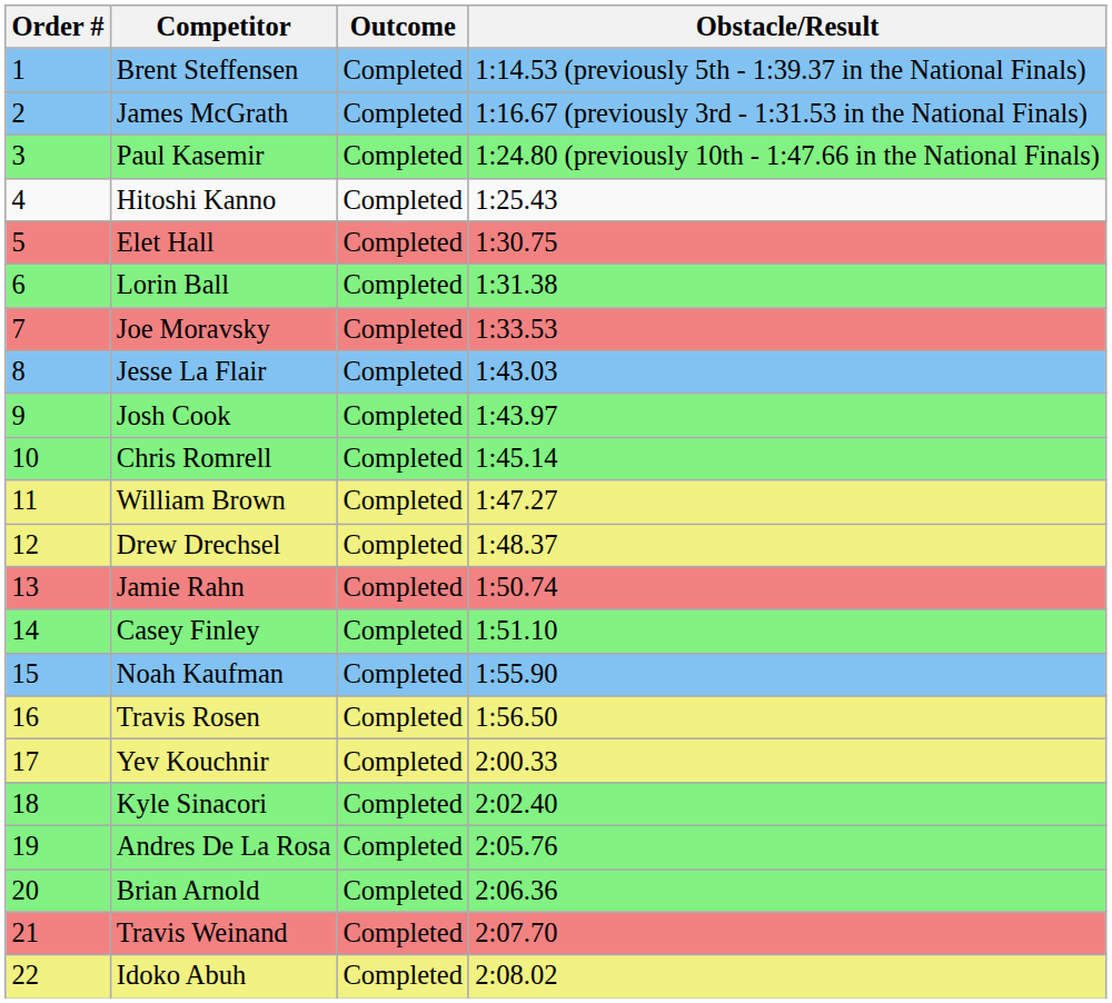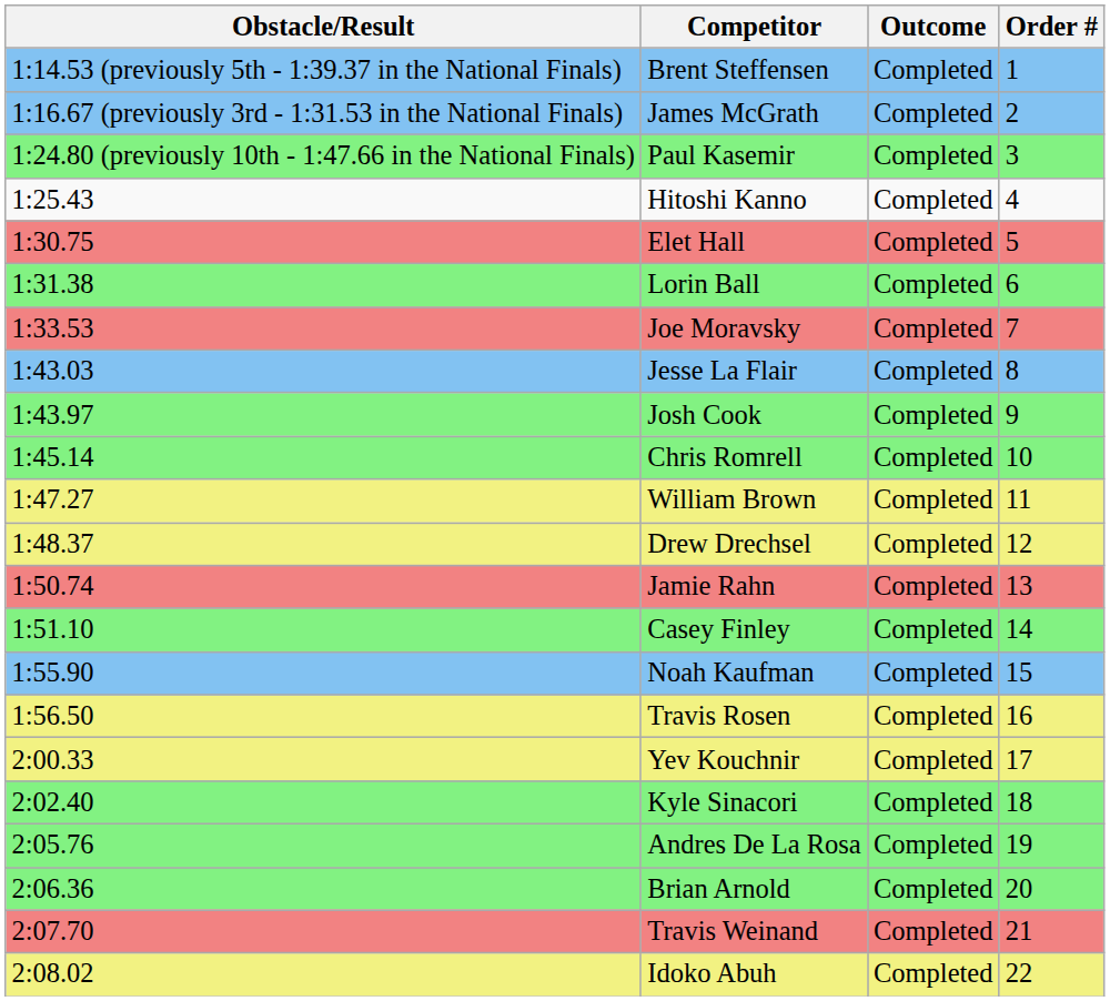 <table class="wikitable sortable">
 <tr>
-<th>Order #</th>
+<th>Obstacle/Result</th>
 <th>Competitor</th>
 <th>Outcome</th>
-<th>Obstacle/Result</th>
+<th>Order #</th>
 </tr>
 <tr style="background-color:#82c2f2">
-<td>1</td>
+<td>1:14.53 (previously 5th - 1:39.37 in the National Finals)</td>
 <td>Brent Steffensen</td>
 <td>Completed</td>
-<td>1:14.53 (previously 5th - 1:39.37 in the National Finals)</td>
+<td>1</td>
 </tr>
 <tr style="background-color:#82c2f2">
-<td>2</td>
+<td>1:16.67 (previously 3rd - 1:31.53 in the National Finals)</td>
 <td>James McGrath</td>
 <td>Completed</td>
-<td>1:16.67 (previously 3rd - 1:31.53 in the National Finals)</td>
+<td>2</td>
 </tr>
 <tr style="background-color:#82f282">
-<td>3</td>
+<td>1:24.80 (previously 10th - 1:47.66 in the National Finals)</td>
 <td>Paul Kasemir</td>
 <td>Completed</td>
-<td>1:24.80 (previously 10th - 1:47.66 in the National Finals)</td>
+<td>3</td>
 </tr>
 <tr>
-<td>4</td>
+<td>1:25.43</td>
 <td>Hitoshi Kanno</td>
 <td>Completed</td>
-<td>1:25.43</td>
+<td>4</td>
 </tr>
 <tr style="background-color:#f28282">
-<td>5</td>
+<td>1:30.75</td>
 <td>Elet Hall</td>
 <td>Completed</td>
-<td>1:30.75</td>
+<td>5</td>
 </tr>
 <tr style="background-color:#82f282">
-<td>6</td>
+<td>1:31.38</td>
 <td>Lorin Ball</td>
 <td>Completed</td>
-<td>1:31.38</td>
+<td>6</td>
 </tr>
 <tr style="background-color:#f28282">
-<td>7</td>
+<td>1:33.53</td>
 <td>Joe Moravsky</td>
 <td>Completed</td>
-<td>1:33.53</td>
+<td>7</td>
 </tr>
 <tr style="background-color:#82c2f2">
-<td>8</td>
+<td>1:43.03</td>
 <td>Jesse La Flair</td>
 <td>Completed</td>
-<td>1:43.03</td>
+<td>8</td>
 </tr>
 <tr style="background-color:#82f282">
-<td>9</td>
+<td>1:43.97</td>
 <td>Josh Cook</td>
 <td>Completed</td>
-<td>1:43.97</td>
+<td>9</td>
 </tr>
 <tr style="background-color:#82f282">
-<td>10</td>
+<td>1:45.14</td>
 <td>Chris Romrell</td>
 <td>Completed</td>
-<td>1:45.14</td>
+<td>10</td>
 </tr>
 <tr style="background-color:#f2f282">
-<td>11</td>
+<td>1:47.27</td>
 <td>William Brown</td>
 <td>Completed</td>
-<td>1:47.27</td>
+<td>11</td>
 </tr>
 <tr style="background-color:#f2f282">
-<td>12</td>
+<td>1:48.37</td>
 <td>Drew Drechsel</td>
 <td>Completed</td>
-<td>1:48.37</td>
+<td>12</td>
 </tr>
 <tr style="background-color:#f28282">
-<td>13</td>
+<td>1:50.74</td>
 <td>Jamie Rahn</td>
 <td>Completed</td>
-<td>1:50.74</td>
+<td>13</td>
 </tr>
 <tr style="background-color:#82f282">
-<td>14</td>
+<td>1:51.10</td>
 <td>Casey Finley</td>
 <td>Completed</td>
-<td>1:51.10</td>
+<td>14</td>
 </tr>
 <tr style="background-color:#82c2f2">
-<td>15</td>
+<td>1:55.90</td>
 <td>Noah Kaufman</td>
 <td>Completed</td>
-<td>1:55.90</td>
+<td>15</td>
 </tr>
 <tr style="background-color:#f2f282">
-<td>16</td>
+<td>1:56.50</td>
 <td>Travis Rosen</td>
 <td>Completed</td>
-<td>1:56.50</td>
+<td>16</td>
 </tr>
 <tr style="background-color:#f2f282">
-<td>17</td>
+<td>2:00.33</td>
 <td>Yev Kouchnir</td>
 <td>Completed</td>
-<td>2:00.33</td>
+<td>17</td>
 </tr>
 <tr style="background-color:#82f282">
-<td>18</td>
+<td>2:02.40</td>
 <td>Kyle Sinacori</td>
 <td>Completed</td>
-<td>2:02.40</td>
+<td>18</td>
 </tr>
 <tr style="background-color:#82f282">
-<td>19</td>
+<td>2:05.76</td>
 <td>Andres De La Rosa</td>
 <td>Completed</td>
-<td>2:05.76</td>
+<td>19</td>
 </tr>
 <tr style="background-color:#82f282">
-<td>20</td>
+<td>2:06.36</td>
 <td>Brian Arnold</td>
 <td>Completed</td>
-<td>2:06.36</td>
+<td>20</td>
 </tr>
 <tr style="background-color:#f28282">
-<td>21</td>
+<td>2:07.70</td>
 <td>Travis Weinand</td>
 <td>Completed</td>
-<td>2:07.70</td>
+<td>21</td>
 </tr>
 <tr style="background-color:#f2f282">
-<td>22</td>
+<td>2:08.02</td>
 <td>Idoko Abuh</td>
 <td>Completed</td>
-<td>2:08.02</td>
+<td>22</td>
 </tr>
 </table>
